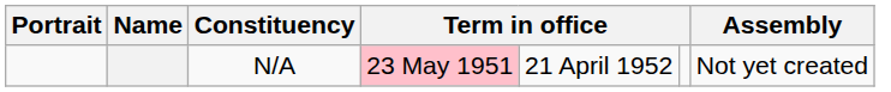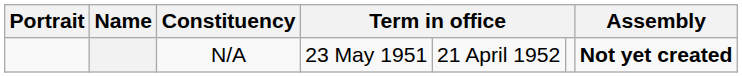 <table class="wikitable" style="text-align:center">
 <tr align=center>
 <th scope="col">Portrait</th>
 <th scope="col">Name</th>
 <th scope="col">Constituency</th>
 <th colspan="3" scope="colgroup">Term in office</th>
 <th scope="col">Assembly</th>
 </tr>
 <tr align=center>
 <td></td>
 <th scope="row"></th>
 <td>N/A</td>
-<td style="background: pink;">23 May 1951</td>
+<td>23 May 1951</td>
 <td>21 April 1952</td>
 <td></td>
-<td>Not yet created</td>
+<td><strong>Not yet created</strong></td>
 </tr>
 </table>
